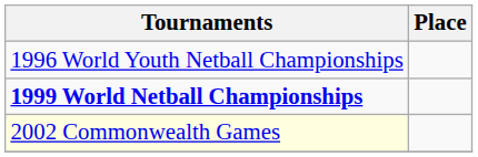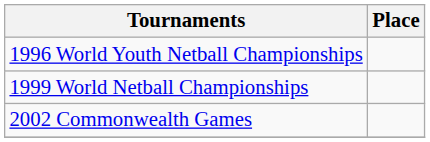 <table class="wikitable collapsible">
 <tr>
 <th>Tournaments</th>
 <th>Place</th>
 </tr>
 <tr>
 <td><a href='#'>1996 World Youth Netball Championships</a></td>
 <td></td>
 </tr>
 <tr>
-<td><strong><a href='#'>1999 World Netball Championships</a></strong></td>
+<td><a href='#'>1999 World Netball Championships</a></td>
 <td></td>
 </tr>
 <tr>
-<td style="background: lightyellow;"><a href='#'>2002 Commonwealth Games</a></td>
+<td><a href='#'>2002 Commonwealth Games</a></td>
 <td></td>
 </tr>
 <tr>
 </tr>
 </table>
